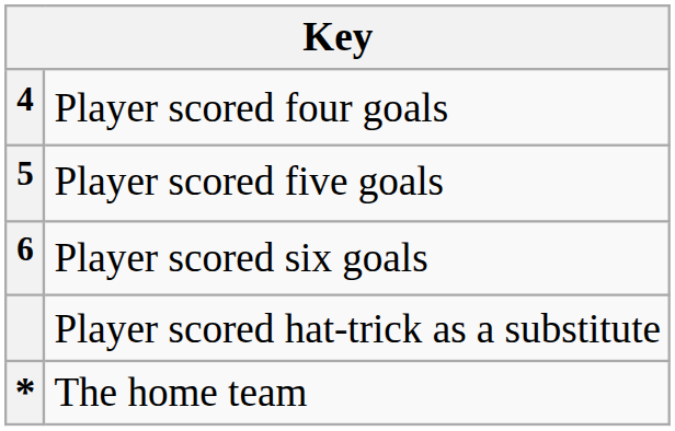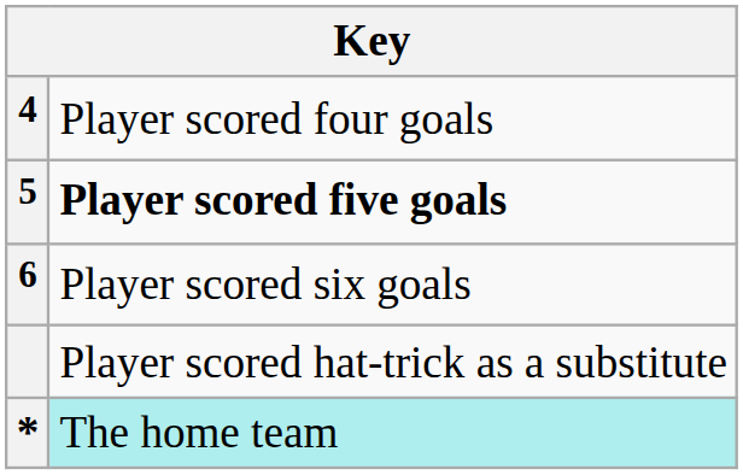 <table class="wikitable plainrowheaders">
 <tr>
 <th colspan="2" scope="col">Key</th>
 </tr>
 <tr>
 <th align="left" scope="row"><sup>4</sup></th>
 <td align="left">Player scored four goals</td>
 </tr>
 <tr>
 <th align="left" scope="row"><sup>5</sup></th>
-<td align="left">Player scored five goals</td>
+<td align="left"><strong>Player scored five goals</strong></td>
 </tr>
 <tr>
 <th align="left" scope="row"><sup>6</sup></th>
 <td align="left">Player scored six goals</td>
 </tr>
 <tr>
 <th align="left" scope="row"></th>
 <td align="left">Player scored hat-trick as a substitute</td>
 </tr>
 <tr>
 <th align="left" scope="row">*</th>
-<td align="left">The home team</td>
+<td align="left" style="background: paleturquoise;">The home team</td>
 </tr>
 </table>
